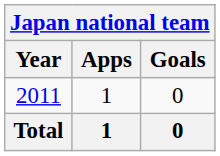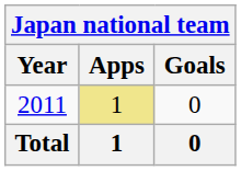 <table class="wikitable" style="text-align:center">
 <tr>
 <th colspan=3><a href='#'>Japan national team</a></th>
 </tr>
 <tr>
 <th>Year</th>
 <th>Apps</th>
 <th>Goals</th>
 </tr>
 <tr>
 <td><a href='#'>2011</a></td>
-<td>1</td>
+<td style="background: khaki;">1</td>
 <td>0</td>
 </tr>
 <tr>
 <th>Total</th>
 <th>1</th>
 <th>0</th>
 </tr>
 </table>
